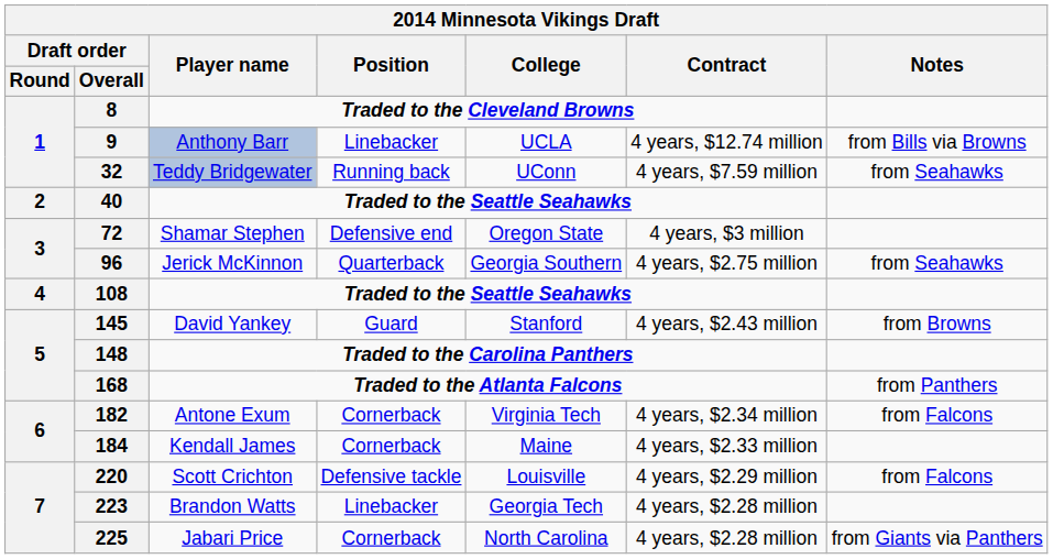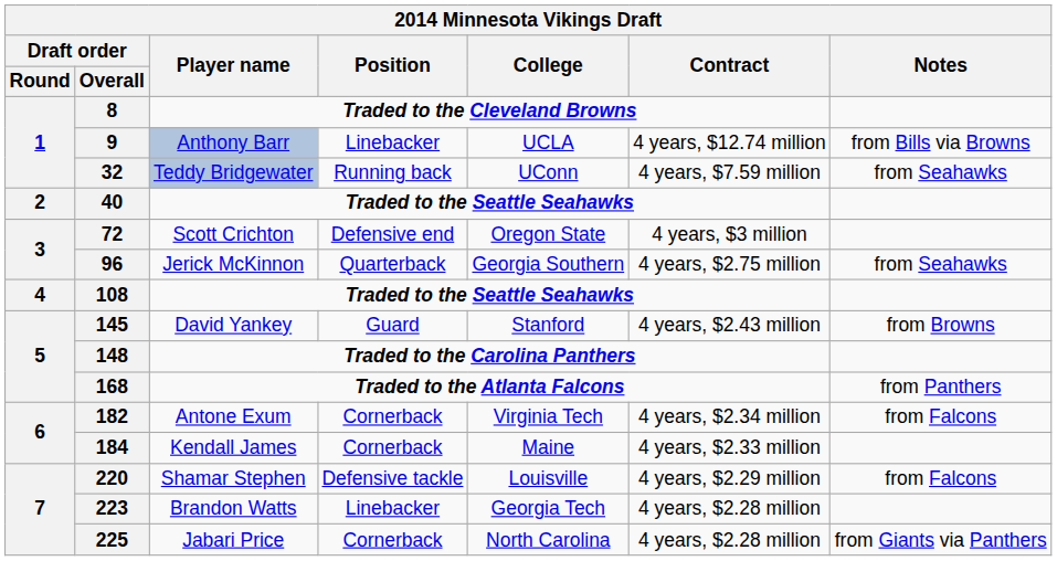 <table class="wikitable" style="text-align:center">
 <tr>
 <th colspan="7">2014 Minnesota Vikings Draft</th>
 </tr>
 <tr>
 <th colspan="2">Draft order</th>
 <th rowspan="2">Player name</th>
 <th rowspan="2">Position</th>
 <th rowspan="2">College</th>
 <th rowspan="2">Contract</th>
 <th rowspan="2">Notes</th>
 </tr>
 <tr>
 <th>Round</th>
 <th>Overall</th>
 </tr>
 <tr>
 <th rowspan="3"><a href='#'>1</a></th>
 <th>8</th>
 <td colspan="4"><strong><em>Traded to the <a href='#'>Cleveland Browns</a></em></strong></td>
 <td></td>
 </tr>
 <tr>
 <th>9</th>
 <td bgcolor=lightsteelblue><a href='#'>Anthony Barr</a></td>
 <td><a href='#'>Linebacker</a></td>
 <td><a href='#'>UCLA</a></td>
 <td>4 years, $12.74 million</td>
 <td>from <a href='#'>Bills</a> via <a href='#'>Browns</a></td>
 </tr>
 <tr>
 <th>32</th>
 <td bgcolor=lightsteelblue><a href='#'>Teddy Bridgewater</a></td>
 <td><a href='#'>Running back</a></td>
 <td><a href='#'>UConn</a></td>
 <td>4 years, $7.59 million</td>
 <td>from <a href='#'>Seahawks</a></td>
 </tr>
 <tr>
 <th>2</th>
 <th>40</th>
 <td colspan="4"><strong><em>Traded to the <a href='#'>Seattle Seahawks</a></em></strong></td>
 <td></td>
 </tr>
 <tr>
 <th rowspan="2">3</th>
 <th>72</th>
-<td><a href='#'>Shamar Stephen</a></td>
+<td><a href='#'>Scott Crichton</a></td>
 <td><a href='#'>Defensive end</a></td>
 <td><a href='#'>Oregon State</a></td>
 <td>4 years, $3 million</td>
 <td></td>
 </tr>
 <tr>
 <th>96</th>
 <td><a href='#'>Jerick McKinnon</a></td>
 <td><a href='#'>Quarterback</a></td>
 <td><a href='#'>Georgia Southern</a></td>
 <td>4 years, $2.75 million</td>
 <td>from <a href='#'>Seahawks</a></td>
 </tr>
 <tr>
 <th>4</th>
 <th>108</th>
 <td colspan="4"><strong><em>Traded to the <a href='#'>Seattle Seahawks</a></em></strong></td>
 <td></td>
 </tr>
 <tr>
 <th rowspan="3">5</th>
 <th>145</th>
 <td><a href='#'>David Yankey</a></td>
 <td><a href='#'>Guard</a></td>
 <td><a href='#'>Stanford</a></td>
 <td>4 years, $2.43 million</td>
 <td>from <a href='#'>Browns</a></td>
 </tr>
 <tr>
 <th>148</th>
 <td colspan="4"><strong><em>Traded to the <a href='#'>Carolina Panthers</a></em></strong></td>
 <td></td>
 </tr>
 <tr>
 <th>168</th>
 <td colspan="4"><strong><em>Traded to the <a href='#'>Atlanta Falcons</a></em></strong></td>
 <td>from <a href='#'>Panthers</a></td>
 </tr>
 <tr>
 <th rowspan="2">6</th>
 <th>182</th>
 <td><a href='#'>Antone Exum</a></td>
 <td><a href='#'>Cornerback</a></td>
 <td><a href='#'>Virginia Tech</a></td>
 <td>4 years, $2.34 million</td>
 <td>from <a href='#'>Falcons</a></td>
 </tr>
 <tr>
 <th>184</th>
 <td><a href='#'>Kendall James</a></td>
 <td><a href='#'>Cornerback</a></td>
 <td><a href='#'>Maine</a></td>
 <td>4 years, $2.33 million</td>
 <td></td>
 </tr>
 <tr>
 <th rowspan="3">7</th>
 <th>220</th>
-<td><a href='#'>Scott Crichton</a></td>
+<td><a href='#'>Shamar Stephen</a></td>
 <td><a href='#'>Defensive tackle</a></td>
 <td><a href='#'>Louisville</a></td>
 <td>4 years, $2.29 million</td>
 <td>from <a href='#'>Falcons</a></td>
 </tr>
 <tr>
 <th>223</th>
 <td><a href='#'>Brandon Watts</a></td>
 <td><a href='#'>Linebacker</a></td>
 <td><a href='#'>Georgia Tech</a></td>
 <td>4 years, $2.28 million</td>
 <td></td>
 </tr>
 <tr>
 <th>225</th>
 <td><a href='#'>Jabari Price</a></td>
 <td><a href='#'>Cornerback</a></td>
 <td><a href='#'>North Carolina</a></td>
 <td>4 years, $2.28 million</td>
 <td>from <a href='#'>Giants</a> via <a href='#'>Panthers</a></td>
 </tr>
 </table>
